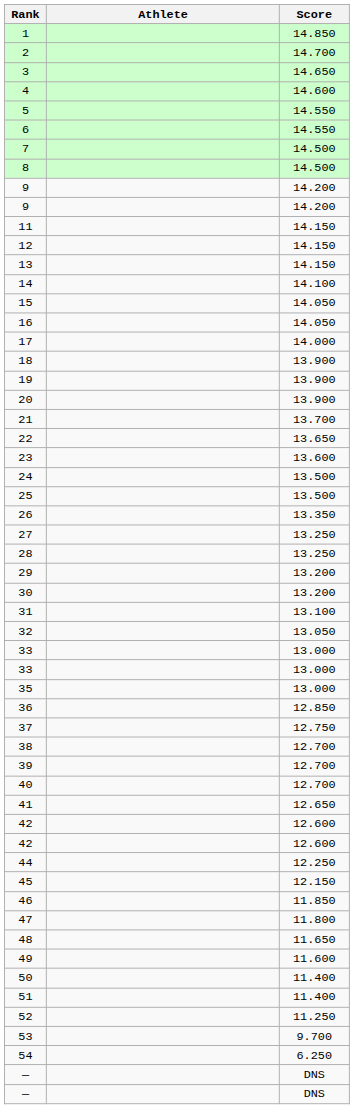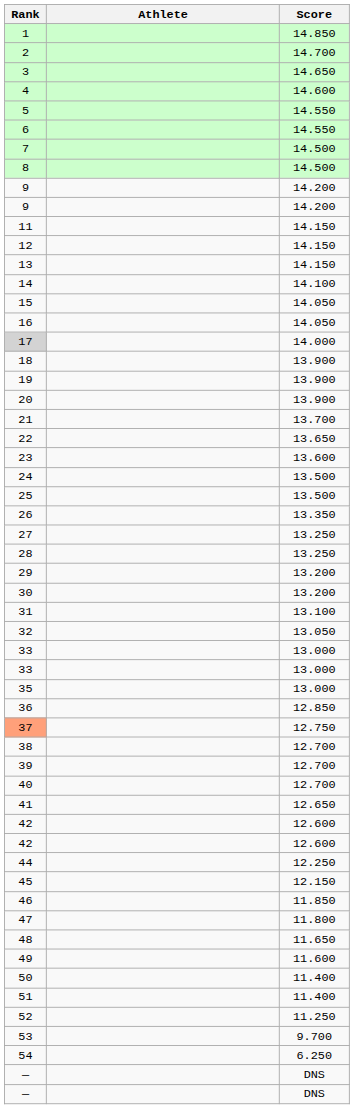 <table class=wikitable style="text-align:center">
 <tr>
 <th width=40>Rank</th>
 <th width=250>Athlete</th>
 <th width=70>Score</th>
 </tr>
 <tr bgcolor="ccffcc">
 <td>1</td>
 <td align=left></td>
 <td>14.850</td>
 </tr>
 <tr bgcolor="ccffcc">
 <td>2</td>
 <td align=left></td>
 <td>14.700</td>
 </tr>
 <tr bgcolor="ccffcc">
 <td>3</td>
 <td align=left></td>
 <td>14.650</td>
 </tr>
 <tr bgcolor="ccffcc">
 <td>4</td>
 <td align=left></td>
 <td>14.600</td>
 </tr>
 <tr bgcolor="ccffcc">
 <td>5</td>
 <td align=left></td>
 <td>14.550</td>
 </tr>
 <tr bgcolor="ccffcc">
 <td>6</td>
 <td align=left></td>
 <td>14.550</td>
 </tr>
 <tr bgcolor="ccffcc">
 <td>7</td>
 <td align=left></td>
 <td>14.500</td>
 </tr>
 <tr bgcolor="ccffcc">
 <td>8</td>
 <td align=left></td>
 <td>14.500</td>
 </tr>
 <tr>
 <td>9</td>
 <td align=left></td>
 <td>14.200</td>
 </tr>
 <tr>
 <td>9</td>
 <td align=left></td>
 <td>14.200</td>
 </tr>
 <tr>
 <td>11</td>
 <td align=left></td>
 <td>14.150</td>
 </tr>
 <tr>
 <td>12</td>
 <td align=left></td>
 <td>14.150</td>
 </tr>
 <tr>
 <td>13</td>
 <td align=left></td>
 <td>14.150</td>
 </tr>
 <tr>
 <td>14</td>
 <td align=left></td>
 <td>14.100</td>
 </tr>
 <tr>
 <td>15</td>
 <td align=left></td>
 <td>14.050</td>
 </tr>
 <tr>
 <td>16</td>
 <td align=left></td>
 <td>14.050</td>
 </tr>
 <tr>
-<td>17</td>
+<td style="background: lightgrey;">17</td>
 <td align=left></td>
 <td>14.000</td>
 </tr>
 <tr>
 <td>18</td>
 <td align=left></td>
 <td>13.900</td>
 </tr>
 <tr>
 <td>19</td>
 <td align=left></td>
 <td>13.900</td>
 </tr>
 <tr>
 <td>20</td>
 <td align=left></td>
 <td>13.900</td>
 </tr>
 <tr>
 <td>21</td>
 <td align=left></td>
 <td>13.700</td>
 </tr>
 <tr>
 <td>22</td>
 <td align=left></td>
 <td>13.650</td>
 </tr>
 <tr>
 <td>23</td>
 <td align=left></td>
 <td>13.600</td>
 </tr>
 <tr>
 <td>24</td>
 <td align=left></td>
 <td>13.500</td>
 </tr>
 <tr>
 <td>25</td>
 <td align=left></td>
 <td>13.500</td>
 </tr>
 <tr>
 <td>26</td>
 <td align=left></td>
 <td>13.350</td>
 </tr>
 <tr>
 <td>27</td>
 <td align=left></td>
 <td>13.250</td>
 </tr>
 <tr>
 <td>28</td>
 <td align=left></td>
 <td>13.250</td>
 </tr>
 <tr>
 <td>29</td>
 <td align=left></td>
 <td>13.200</td>
 </tr>
 <tr>
 <td>30</td>
 <td align=left></td>
 <td>13.200</td>
 </tr>
 <tr>
 <td>31</td>
 <td align=left></td>
 <td>13.100</td>
 </tr>
 <tr>
 <td>32</td>
 <td align=left></td>
 <td>13.050</td>
 </tr>
 <tr>
 <td>33</td>
 <td align=left></td>
 <td>13.000</td>
 </tr>
 <tr>
 <td>33</td>
 <td align=left></td>
 <td>13.000</td>
 </tr>
 <tr>
 <td>35</td>
 <td align=left></td>
 <td>13.000</td>
 </tr>
 <tr>
 <td>36</td>
 <td align=left></td>
 <td>12.850</td>
 </tr>
 <tr>
-<td>37</td>
+<td style="background: lightsalmon;">37</td>
 <td align=left></td>
 <td>12.750</td>
 </tr>
 <tr>
 <td>38</td>
 <td align=left></td>
 <td>12.700</td>
 </tr>
 <tr>
 <td>39</td>
 <td align=left></td>
 <td>12.700</td>
 </tr>
 <tr>
 <td>40</td>
 <td align=left></td>
 <td>12.700</td>
 </tr>
 <tr>
 <td>41</td>
 <td align=left></td>
 <td>12.650</td>
 </tr>
 <tr>
 <td>42</td>
 <td align=left></td>
 <td>12.600</td>
 </tr>
 <tr>
 <td>42</td>
 <td align=left></td>
 <td>12.600</td>
 </tr>
 <tr>
 <td>44</td>
 <td align=left></td>
 <td>12.250</td>
 </tr>
 <tr>
 <td>45</td>
 <td align=left></td>
 <td>12.150</td>
 </tr>
 <tr>
 <td>46</td>
 <td align=left></td>
 <td>11.850</td>
 </tr>
 <tr>
 <td>47</td>
 <td align=left></td>
 <td>11.800</td>
 </tr>
 <tr>
 <td>48</td>
 <td align=left></td>
 <td>11.650</td>
 </tr>
 <tr>
 <td>49</td>
 <td align=left></td>
 <td>11.600</td>
 </tr>
 <tr>
 <td>50</td>
 <td align=left></td>
 <td>11.400</td>
 </tr>
 <tr>
 <td>51</td>
 <td align=left></td>
 <td>11.400</td>
 </tr>
 <tr>
 <td>52</td>
 <td align=left></td>
 <td>11.250</td>
 </tr>
 <tr>
 <td>53</td>
 <td align=left></td>
 <td>9.700</td>
 </tr>
 <tr>
 <td>54</td>
 <td align=left></td>
 <td>6.250</td>
 </tr>
 <tr>
 <td>—</td>
 <td align=left></td>
 <td>DNS</td>
 </tr>
 <tr>
 <td>—</td>
 <td align=left></td>
 <td>DNS</td>
 </tr>
 </table>
